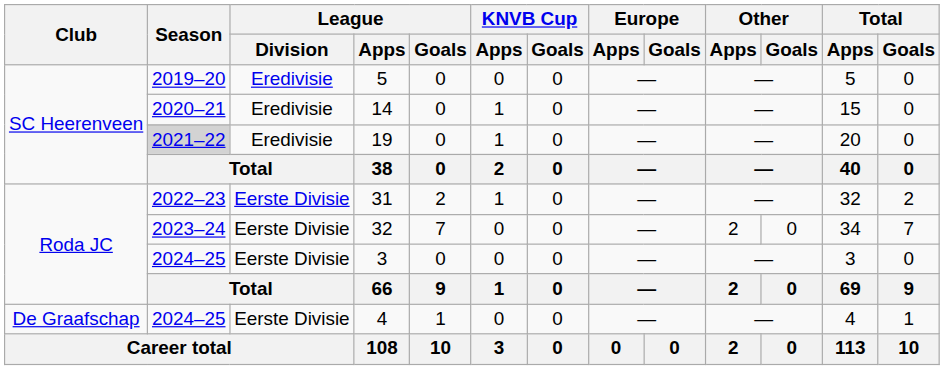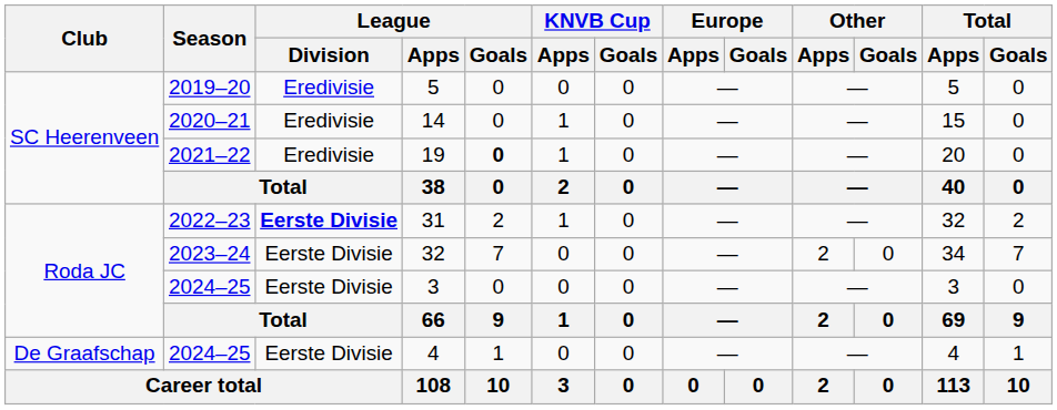 <table class="wikitable" style="text-align:center">
 <tr>
 <th rowspan="2">Club</th>
 <th rowspan="2">Season</th>
 <th colspan="3">League</th>
 <th colspan="2"><a href='#'>KNVB Cup</a></th>
 <th colspan="2">Europe</th>
 <th colspan="2">Other</th>
 <th colspan="2">Total</th>
 </tr>
 <tr>
 <th>Division</th>
 <th>Apps</th>
 <th>Goals</th>
 <th>Apps</th>
 <th>Goals</th>
 <th>Apps</th>
 <th>Goals</th>
 <th>Apps</th>
 <th>Goals</th>
 <th>Apps</th>
 <th>Goals</th>
 </tr>
 <tr>
 <td rowspan="4"><a href='#'>SC Heerenveen</a></td>
 <td><a href='#'>2019–20</a></td>
 <td><a href='#'>Eredivisie</a></td>
 <td>5</td>
 <td>0</td>
 <td>0</td>
 <td>0</td>
 <td colspan="2">—</td>
 <td colspan="2">—</td>
 <td>5</td>
 <td>0</td>
 </tr>
 <tr>
 <td><a href='#'>2020–21</a></td>
 <td>Eredivisie</td>
 <td>14</td>
 <td>0</td>
 <td>1</td>
 <td>0</td>
 <td colspan="2">—</td>
 <td colspan="2">—</td>
 <td>15</td>
 <td>0</td>
 </tr>
 <tr>
-<td style="background: lightgrey;"><a href='#'>2021–22</a></td>
+<td><a href='#'>2021–22</a></td>
 <td>Eredivisie</td>
 <td>19</td>
-<td>0</td>
+<td><strong>0</strong></td>
 <td>1</td>
 <td>0</td>
 <td colspan="2">—</td>
 <td colspan="2">—</td>
 <td>20</td>
 <td>0</td>
 </tr>
 <tr>
 <th colspan="2">Total</th>
 <th>38</th>
 <th>0</th>
 <th>2</th>
 <th>0</th>
 <th colspan="2">—</th>
 <th colspan="2">—</th>
 <th>40</th>
 <th>0</th>
 </tr>
 <tr>
 <td rowspan="4"><a href='#'>Roda JC</a></td>
 <td><a href='#'>2022–23</a></td>
-<td><a href='#'>Eerste Divisie</a></td>
+<td><strong><a href='#'>Eerste Divisie</a></strong></td>
 <td>31</td>
 <td>2</td>
 <td>1</td>
 <td>0</td>
 <td colspan="2">—</td>
 <td colspan="2">—</td>
 <td>32</td>
 <td>2</td>
 </tr>
 <tr>
 <td><a href='#'>2023–24</a></td>
 <td>Eerste Divisie</td>
 <td>32</td>
 <td>7</td>
 <td>0</td>
 <td>0</td>
 <td colspan="2">—</td>
 <td>2</td>
 <td>0</td>
 <td>34</td>
 <td>7</td>
 </tr>
 <tr>
 <td><a href='#'>2024–25</a></td>
 <td>Eerste Divisie</td>
 <td>3</td>
 <td>0</td>
 <td>0</td>
 <td>0</td>
 <td colspan="2">—</td>
 <td colspan="2">—</td>
 <td>3</td>
 <td>0</td>
 </tr>
 <tr>
 <th colspan="2">Total</th>
 <th>66</th>
 <th>9</th>
 <th>1</th>
 <th>0</th>
 <th colspan="2">—</th>
 <th>2</th>
 <th>0</th>
 <th>69</th>
 <th>9</th>
 </tr>
 <tr>
 <td rowspan="1"><a href='#'>De Graafschap</a></td>
 <td><a href='#'>2024–25</a></td>
 <td>Eerste Divisie</td>
 <td>4</td>
 <td>1</td>
 <td>0</td>
 <td>0</td>
 <td colspan="2">—</td>
 <td colspan="2">—</td>
 <td>4</td>
 <td>1</td>
 </tr>
 <tr>
 <th colspan="3">Career total</th>
 <th>108</th>
 <th>10</th>
 <th>3</th>
 <th>0</th>
 <th>0</th>
 <th>0</th>
 <th>2</th>
 <th>0</th>
 <th>113</th>
 <th>10</th>
 </tr>
 </table>
